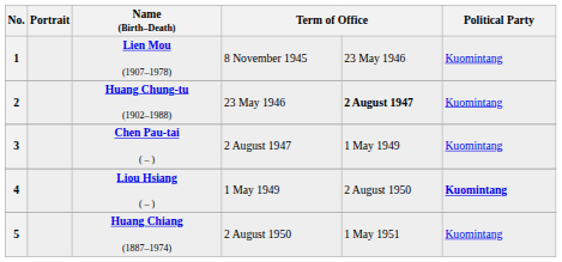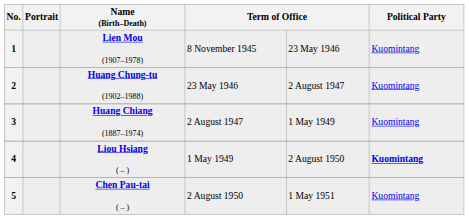 <table class=wikitable>
 <tr>
 <th>No.</th>
 <th>Portrait</th>
 <th width="200">Name<br><small>(Birth–Death)</small></th>
 <th colspan=2 width="300">Term of Office</th>
 <th width="150">Political Party</th>
 </tr>
 <tr - bgcolor=#EEEEEE>
 <th style="background:">1</th>
 <td></td>
 <td align=center><strong><a href='#'>Lien Mou</a></strong><br><br><small>(1907–1978)</small></td>
 <td>8 November 1945</td>
 <td>23 May 1946</td>
 <td><a href='#'>Kuomintang</a></td>
 </tr>
 <tr ->
 </tr>
 <tr - bgcolor=#EEEEEE>
 <th style="background:">2</th>
 <td></td>
 <td align=center><strong><a href='#'>Huang Chung-tu</a></strong><br><br><small>(1902–1988)</small></td>
 <td>23 May 1946</td>
-<td><strong>2 August 1947</strong></td>
+<td>2 August 1947</td>
 <td><a href='#'>Kuomintang</a></td>
 </tr>
 <tr ->
 </tr>
 <tr - bgcolor=#EEEEEE>
 <th style="background:">3</th>
 <td></td>
-<td align=center><strong><a href='#'>Chen Pau-tai</a></strong><br><br><small>( – )</small></td>
+<td align=center><strong><a href='#'>Huang Chiang</a></strong><br><br><small>(1887–1974)</small></td>
 <td>2 August 1947</td>
 <td>1 May 1949</td>
 <td><a href='#'>Kuomintang</a></td>
 </tr>
 <tr ->
 </tr>
 <tr - bgcolor=#EEEEEE>
 <th style="background:">4</th>
 <td></td>
 <td align=center><strong><a href='#'>Liou Hsiang</a></strong><br><br><small>( – )</small></td>
 <td>1 May 1949</td>
 <td>2 August 1950</td>
 <td><strong><a href='#'>Kuomintang</a></strong></td>
 </tr>
 <tr ->
 </tr>
 <tr - bgcolor=#EEEEEE>
 <th style="background:">5</th>
 <td></td>
-<td align=center><strong><a href='#'>Huang Chiang</a></strong><br><br><small>(1887–1974)</small></td>
+<td align=center><strong><a href='#'>Chen Pau-tai</a></strong><br><br><small>( – )</small></td>
 <td>2 August 1950</td>
 <td>1 May 1951</td>
 <td><a href='#'>Kuomintang</a></td>
 </tr>
 </table>
